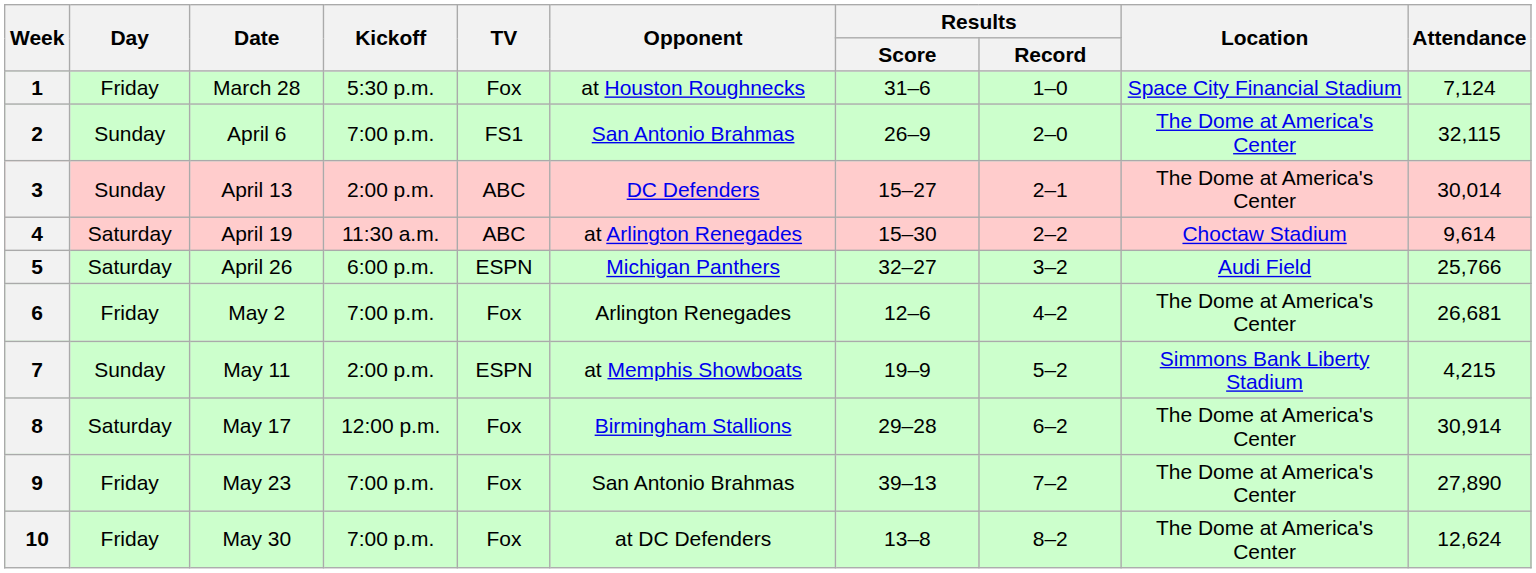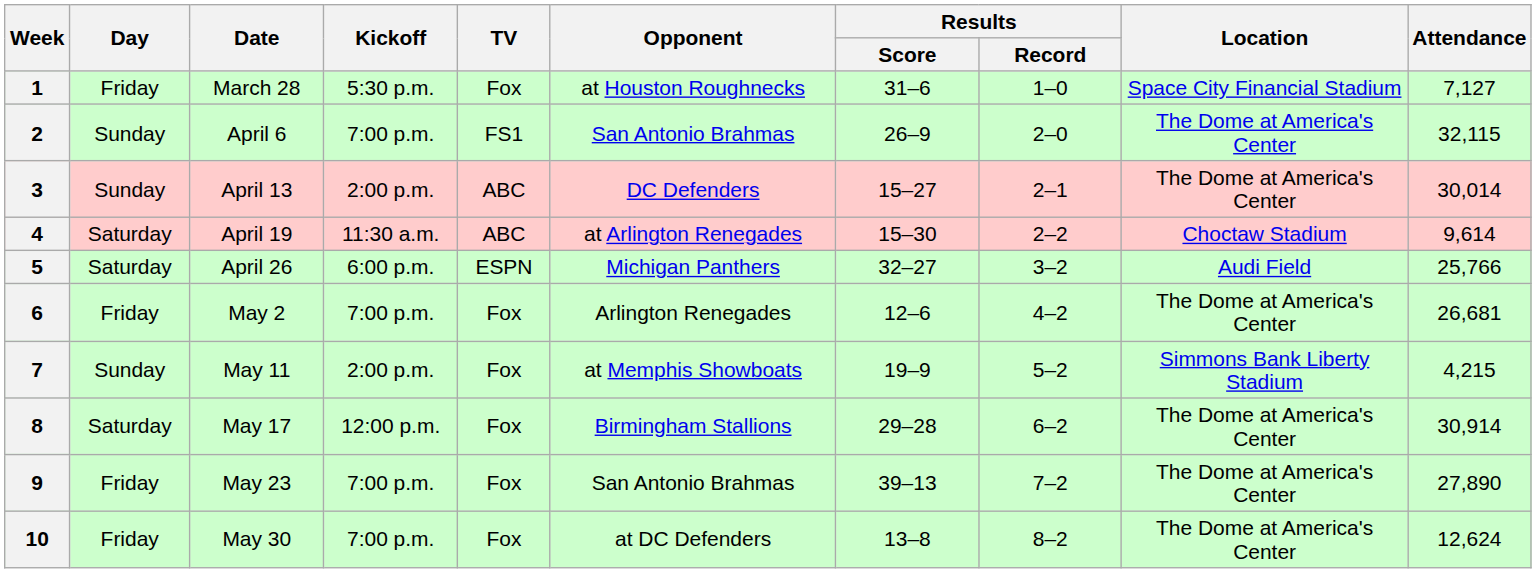 <table class="wikitable" style="text-align:center; font-size: 95%;">
 <tr>
 <th rowspan="2" width="40">Week</th>
 <th rowspan="2" width="80">Day</th>
 <th rowspan="2" width="90">Date</th>
 <th rowspan="2" width="90">Kickoff</th>
 <th rowspan="2" width="60">TV</th>
 <th rowspan="2" width="200">Opponent</th>
 <th colspan="2" width="200">Results</th>
 <th rowspan="2" width="200">Location</th>
 <th rowspan="2">Attendance</th>
 </tr>
 <tr>
 <th width="60">Score</th>
 <th width="60">Record</th>
 </tr>
 <tr style="background:#ccffcc">
 <th>1</th>
 <td>Friday</td>
 <td>March 28</td>
 <td>5:30 p.m.</td>
 <td>Fox</td>
 <td>at <a href='#'>Houston Roughnecks</a></td>
 <td>31–6</td>
 <td>1–0</td>
 <td><a href='#'>Space City Financial Stadium</a></td>
-<td>7,124</td>
+<td>7,127</td>
 </tr>
 <tr style="background:#ccffcc">
 <th>2</th>
 <td>Sunday</td>
 <td>April 6</td>
 <td>7:00 p.m.</td>
 <td>FS1</td>
 <td><a href='#'>San Antonio Brahmas</a></td>
 <td>26–9</td>
 <td>2–0</td>
 <td><a href='#'>The Dome at America's Center</a></td>
 <td>32,115</td>
 </tr>
 <tr style="background:#ffcccc">
 <th>3</th>
 <td>Sunday</td>
 <td>April 13</td>
 <td>2:00 p.m.</td>
 <td>ABC</td>
 <td><a href='#'>DC Defenders</a></td>
 <td>15–27</td>
 <td>2–1</td>
 <td>The Dome at America's Center</td>
 <td>30,014</td>
 </tr>
 <tr style="background:#ffcccc">
 <th>4</th>
 <td>Saturday</td>
 <td>April 19</td>
 <td>11:30 a.m.</td>
 <td>ABC</td>
 <td>at <a href='#'>Arlington Renegades</a></td>
 <td>15–30</td>
 <td>2–2</td>
 <td><a href='#'>Choctaw Stadium</a></td>
 <td>9,614</td>
 </tr>
 <tr style="background:#ccffcc">
 <th>5</th>
 <td>Saturday</td>
 <td>April 26</td>
 <td>6:00 p.m.</td>
 <td>ESPN</td>
 <td><a href='#'>Michigan Panthers</a></td>
 <td>32–27</td>
 <td>3–2</td>
 <td><a href='#'>Audi Field</a></td>
 <td>25,766</td>
 </tr>
 <tr style="background:#ccffcc">
 <th>6</th>
 <td>Friday</td>
 <td>May 2</td>
 <td>7:00 p.m.</td>
 <td>Fox</td>
 <td>Arlington Renegades</td>
 <td>12–6</td>
 <td>4–2</td>
 <td>The Dome at America's Center</td>
 <td>26,681</td>
 </tr>
 <tr style="background:#ccffcc">
 <th>7</th>
 <td>Sunday</td>
 <td>May 11</td>
 <td>2:00 p.m.</td>
-<td>ESPN</td>
+<td>Fox</td>
 <td>at <a href='#'>Memphis Showboats</a></td>
 <td>19–9</td>
 <td>5–2</td>
 <td><a href='#'>Simmons Bank Liberty Stadium</a></td>
 <td>4,215</td>
 </tr>
 <tr style="background:#ccffcc">
 <th>8</th>
 <td>Saturday</td>
 <td>May 17</td>
 <td>12:00 p.m.</td>
 <td>Fox</td>
 <td><a href='#'>Birmingham Stallions</a></td>
 <td>29–28</td>
 <td>6–2</td>
 <td>The Dome at America's Center</td>
 <td>30,914</td>
 </tr>
 <tr style="background:#ccffcc">
 <th>9</th>
 <td>Friday</td>
 <td>May 23</td>
 <td>7:00 p.m.</td>
 <td>Fox</td>
 <td>San Antonio Brahmas</td>
 <td>39–13</td>
 <td>7–2</td>
 <td>The Dome at America's Center</td>
 <td>27,890</td>
 </tr>
 <tr style="background:#ccffcc">
 <th>10</th>
 <td>Friday</td>
 <td>May 30</td>
 <td>7:00 p.m.</td>
 <td>Fox</td>
 <td>at DC Defenders</td>
 <td>13–8</td>
 <td>8–2</td>
 <td>The Dome at America's Center</td>
 <td>12,624</td>
 </tr>
 </table>
